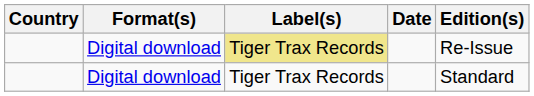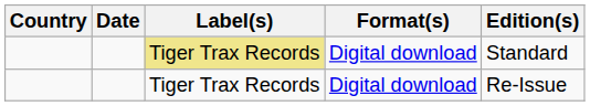 <table class="wikitable">
 <tr>
 <th>Country</th>
+<th>Date</th>
+<th>Label(s)</th>
 <th>Format(s)</th>
-<th>Label(s)</th>
-<th>Date</th>
 <th>Edition(s)</th>
 </tr>
 <tr>
 <td></td>
+<td></td>
+<td style="background: khaki;">Tiger Trax Records</td>
 <td><a href='#'>Digital download</a></td>
-<td style="background: khaki;">Tiger Trax Records</td>
-<td></td>
-<td>Re-Issue</td>
+<td>Standard</td>
 </tr>
 <tr>
 <td></td>
+<td></td>
+<td>Tiger Trax Records</td>
 <td><a href='#'>Digital download</a></td>
-<td>Tiger Trax Records</td>
-<td></td>
-<td>Standard</td>
+<td>Re-Issue</td>
 </tr>
 </table>
